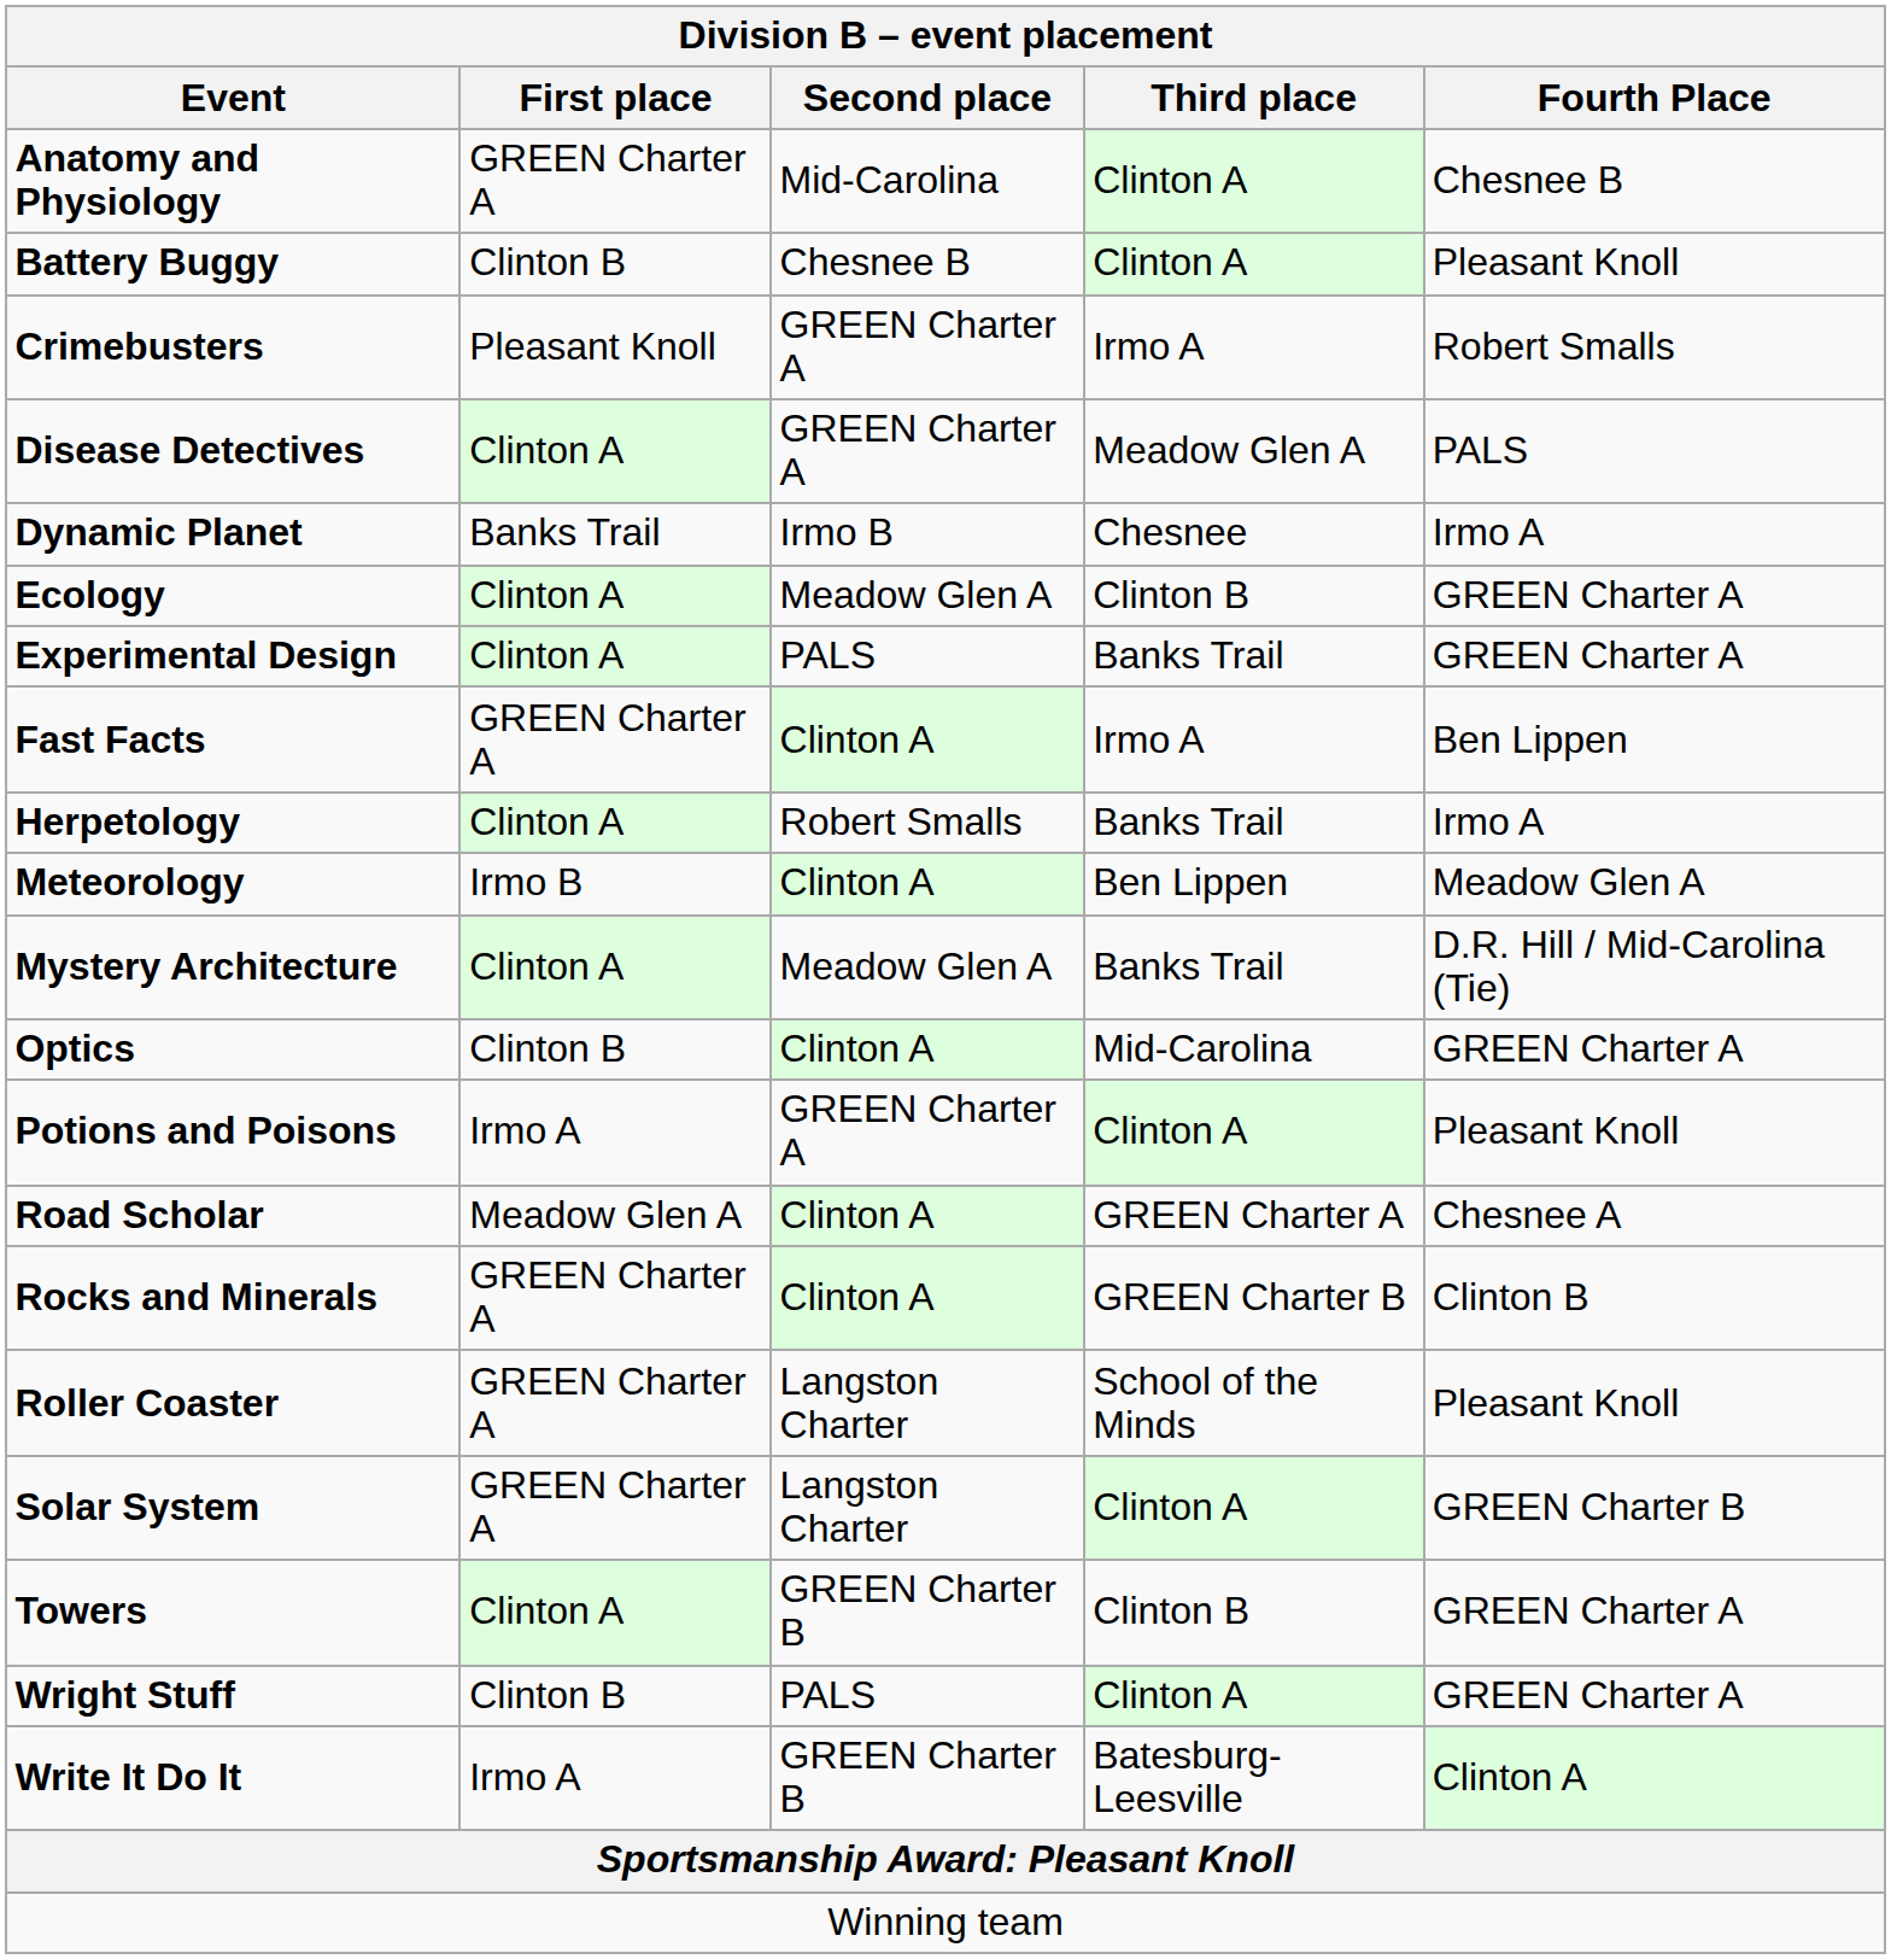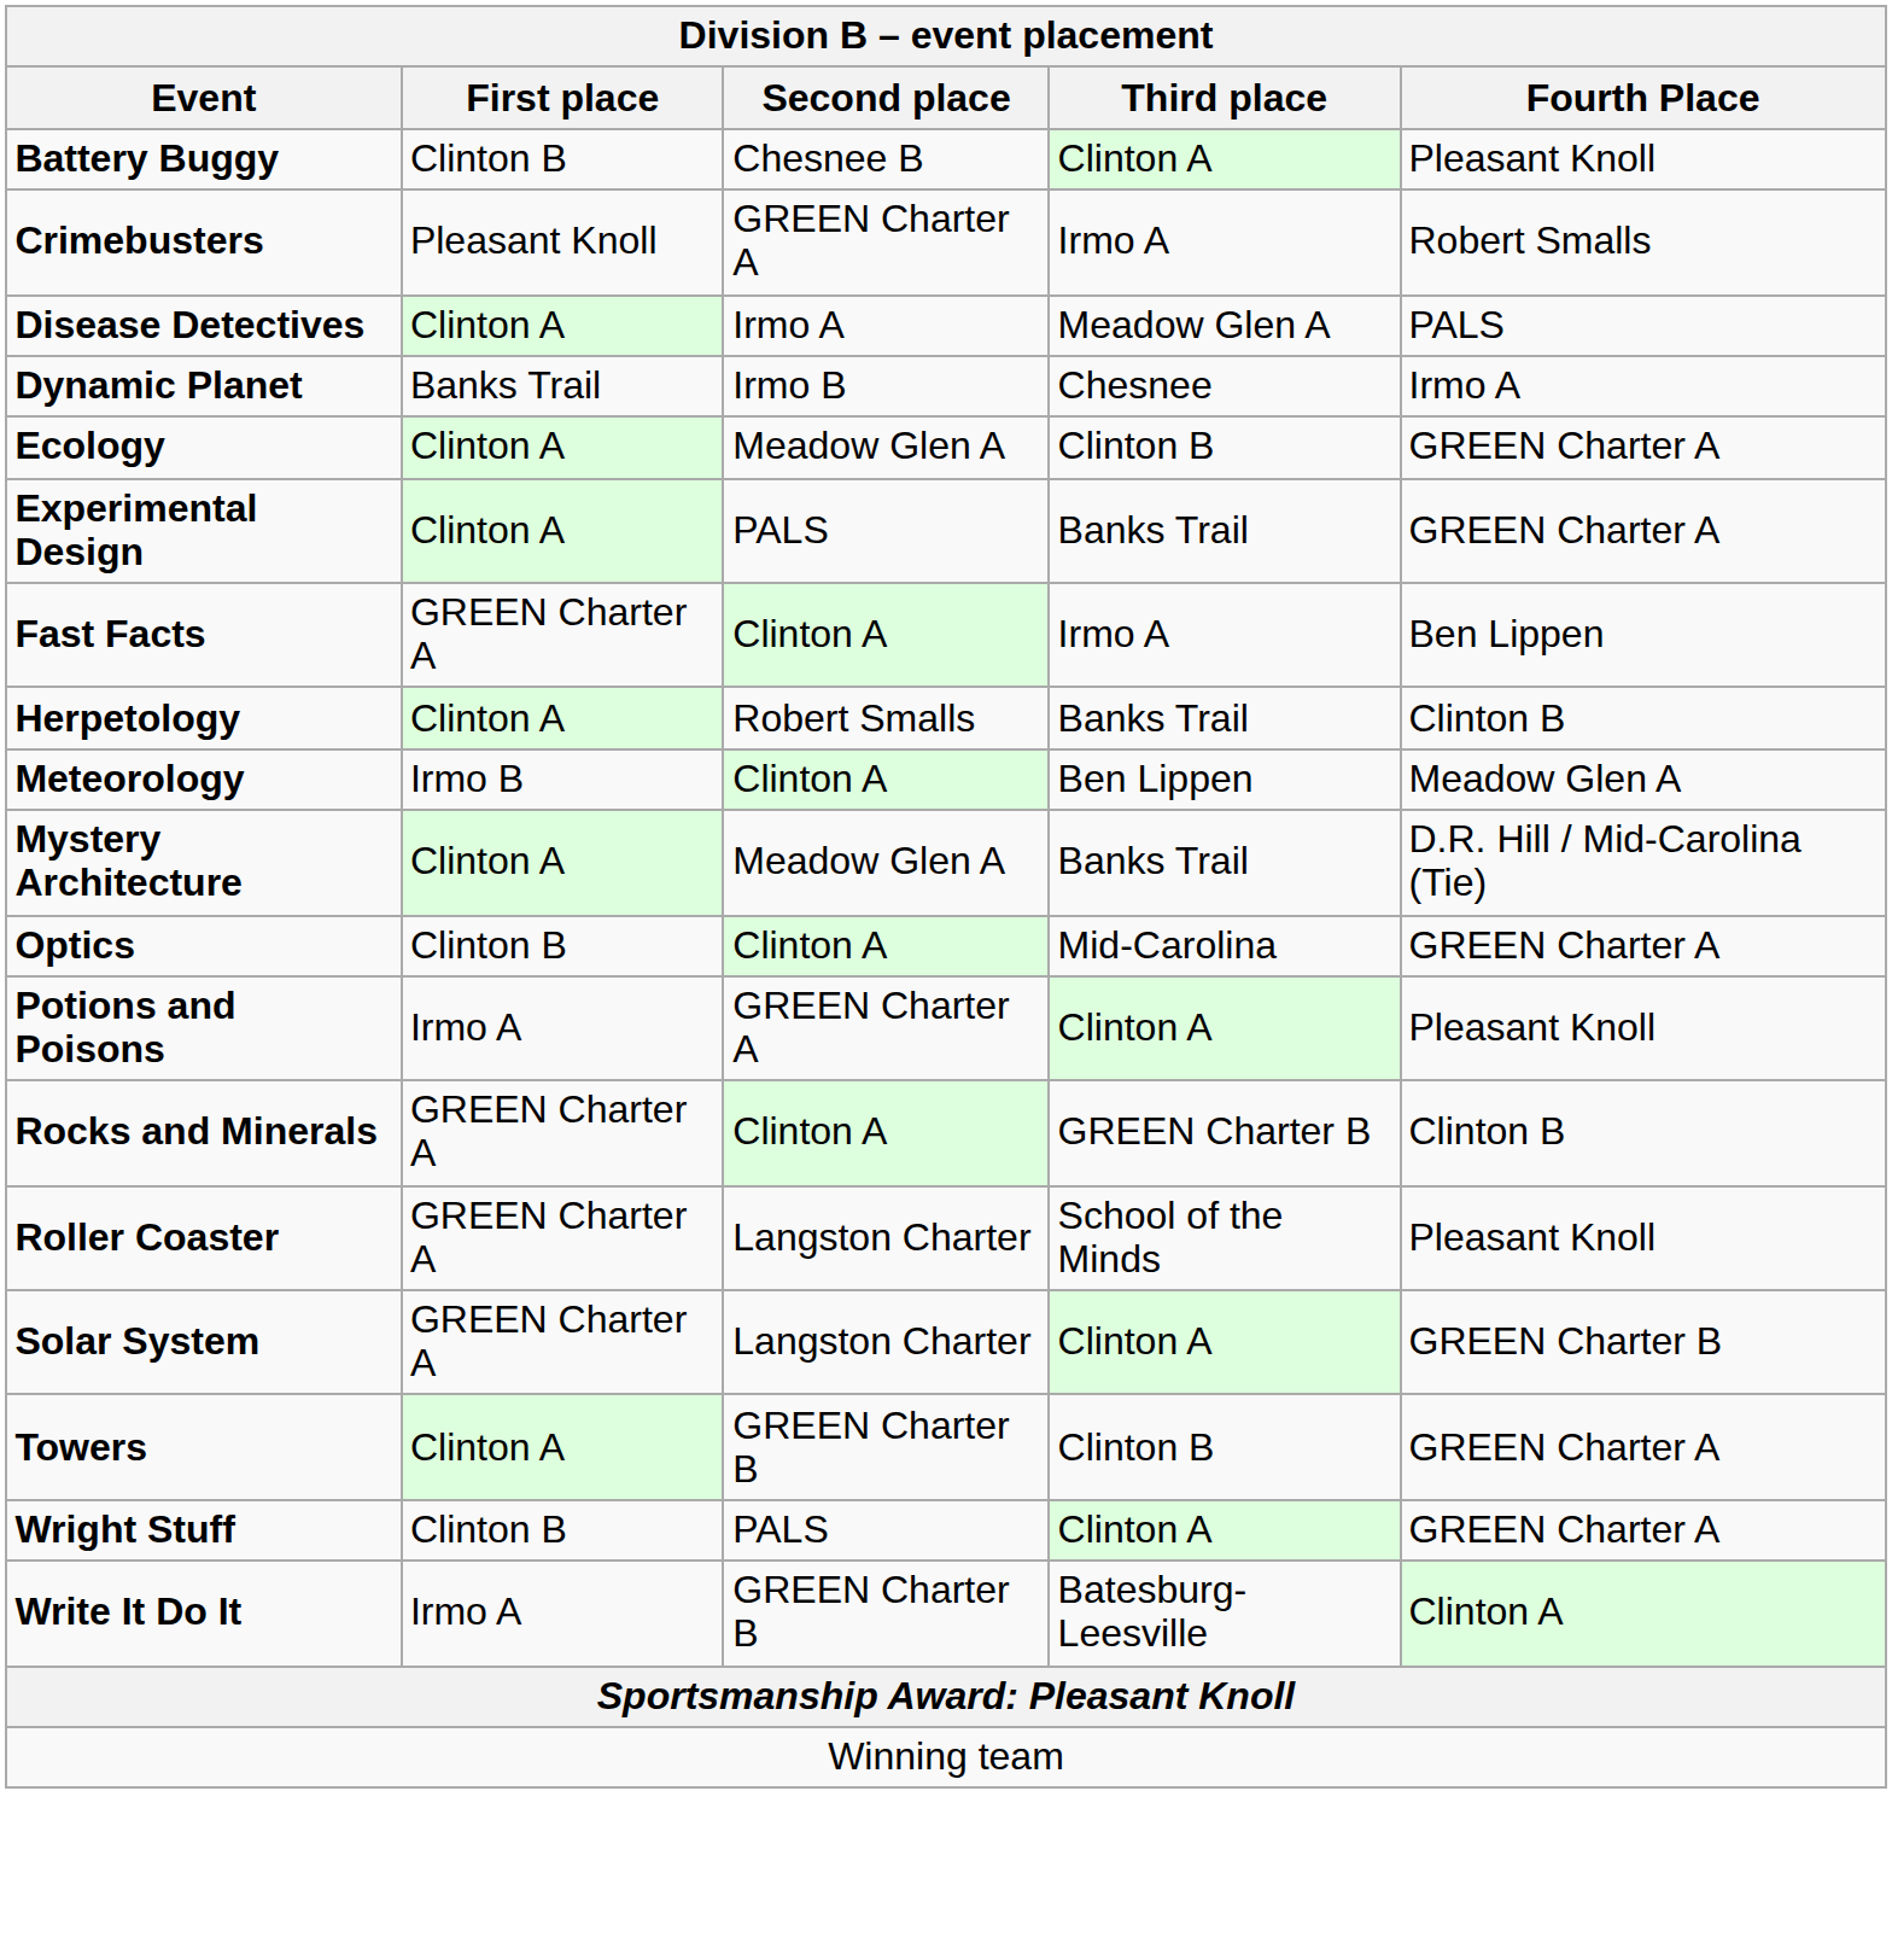 <table class="wikitable collapsible collapsed" style="float:left; width:780px">
 <tr>
 <th colspan=5>Division B – event placement</th>
 </tr>
 <tr>
 <th>Event</th>
 <th>First place</th>
 <th>Second place</th>
 <th>Third place</th>
 <th>Fourth Place</th>
-</tr>
-<tr>
-<td><strong>Anatomy and Physiology</strong></td>
-<td>GREEN Charter A</td>
-<td>Mid-Carolina</td>
-<td style="background:#ddffdd">Clinton A</td>
-<td>Chesnee B</td>
 </tr>
 <tr>
 <td><strong>Battery Buggy</strong></td>
 <td>Clinton B</td>
 <td>Chesnee B</td>
 <td style="background:#ddffdd">Clinton A</td>
 <td>Pleasant Knoll</td>
 </tr>
 <tr>
 <td><strong>Crimebusters</strong></td>
 <td>Pleasant Knoll</td>
 <td>GREEN Charter A</td>
 <td>Irmo A</td>
 <td>Robert Smalls</td>
 </tr>
 <tr>
 <td><strong>Disease Detectives</strong></td>
 <td style="background:#ddffdd">Clinton A</td>
-<td>GREEN Charter A</td>
+<td>Irmo A</td>
 <td>Meadow Glen A</td>
 <td>PALS</td>
 </tr>
 <tr>
 <td><strong>Dynamic Planet</strong></td>
 <td>Banks Trail</td>
 <td>Irmo B</td>
 <td>Chesnee</td>
 <td>Irmo A</td>
 </tr>
 <tr>
 <td><strong>Ecology</strong></td>
 <td style="background:#ddffdd">Clinton A</td>
 <td>Meadow Glen A</td>
 <td>Clinton B</td>
 <td>GREEN Charter A</td>
 </tr>
 <tr>
 <td><strong>Experimental Design</strong></td>
 <td style="background:#ddffdd">Clinton A</td>
 <td>PALS</td>
 <td>Banks Trail</td>
 <td>GREEN Charter A</td>
 </tr>
 <tr>
 <td><strong>Fast Facts</strong></td>
 <td>GREEN Charter A</td>
 <td style="background:#ddffdd">Clinton A</td>
 <td>Irmo A</td>
 <td>Ben Lippen</td>
 </tr>
 <tr>
 <td><strong>Herpetology</strong></td>
 <td style="background:#ddffdd">Clinton A</td>
 <td>Robert Smalls</td>
 <td>Banks Trail</td>
-<td>Irmo A</td>
+<td>Clinton B</td>
 </tr>
 <tr>
 <td><strong>Meteorology</strong></td>
 <td>Irmo B</td>
 <td style="background:#ddffdd">Clinton A</td>
 <td>Ben Lippen</td>
 <td>Meadow Glen A</td>
 </tr>
 <tr>
 <td><strong>Mystery Architecture</strong></td>
 <td style="background:#ddffdd">Clinton A</td>
 <td>Meadow Glen A</td>
 <td>Banks Trail</td>
 <td>D.R. Hill / Mid-Carolina (Tie)</td>
 </tr>
 <tr>
 <td><strong>Optics</strong></td>
 <td>Clinton B</td>
 <td style="background:#ddffdd">Clinton A</td>
 <td>Mid-Carolina</td>
 <td>GREEN Charter A</td>
 </tr>
 <tr>
 <td><strong>Potions and Poisons</strong></td>
 <td>Irmo A</td>
 <td>GREEN Charter A</td>
 <td style="background:#ddffdd">Clinton A</td>
 <td>Pleasant Knoll</td>
-</tr>
-<tr>
-<td><strong>Road Scholar</strong></td>
-<td>Meadow Glen A</td>
-<td style="background:#ddffdd">Clinton A</td>
-<td>GREEN Charter A</td>
-<td>Chesnee A</td>
 </tr>
 <tr>
 <td><strong>Rocks and Minerals</strong></td>
 <td>GREEN Charter A</td>
 <td style="background:#ddffdd">Clinton A</td>
 <td>GREEN Charter B</td>
 <td>Clinton B</td>
 </tr>
 <tr>
 <td><strong>Roller Coaster</strong></td>
 <td>GREEN Charter A</td>
 <td>Langston Charter</td>
 <td>School of the Minds</td>
 <td>Pleasant Knoll</td>
 </tr>
 <tr>
 <td><strong>Solar System</strong></td>
 <td>GREEN Charter A</td>
 <td>Langston Charter</td>
 <td style="background:#ddffdd">Clinton A</td>
 <td>GREEN Charter B</td>
 </tr>
 <tr>
 <td><strong>Towers</strong></td>
 <td style="background:#ddffdd">Clinton A</td>
 <td>GREEN Charter B</td>
 <td>Clinton B</td>
 <td>GREEN Charter A</td>
 </tr>
 <tr>
 <td><strong>Wright Stuff</strong></td>
 <td>Clinton B</td>
 <td>PALS</td>
 <td style="background:#ddffdd">Clinton A</td>
 <td>GREEN Charter A</td>
 </tr>
 <tr>
 <td><strong>Write It Do It</strong></td>
 <td>Irmo A</td>
 <td>GREEN Charter B</td>
 <td>Batesburg-Leesville</td>
 <td style="background:#ddffdd">Clinton A</td>
 </tr>
 <tr>
 <th colspan=5><em>Sportsmanship Award: Pleasant Knoll</em></th>
 </tr>
 <tr>
 <td colspan=5 style=text-align:center> Winning team</td>
 </tr>
 </table>
